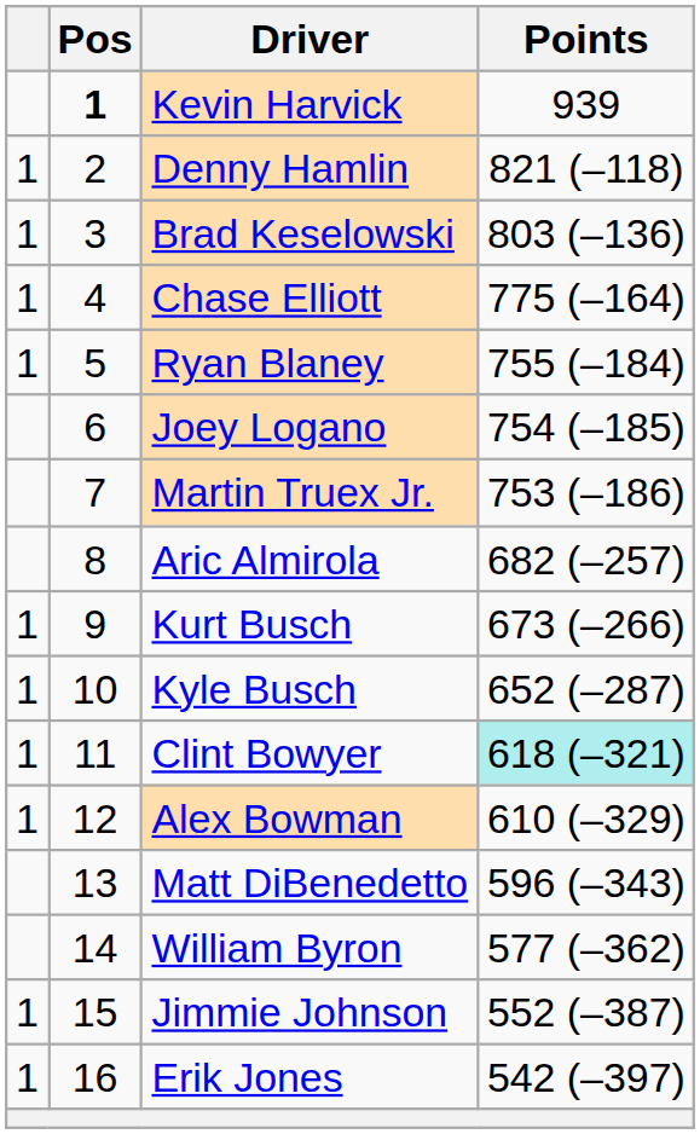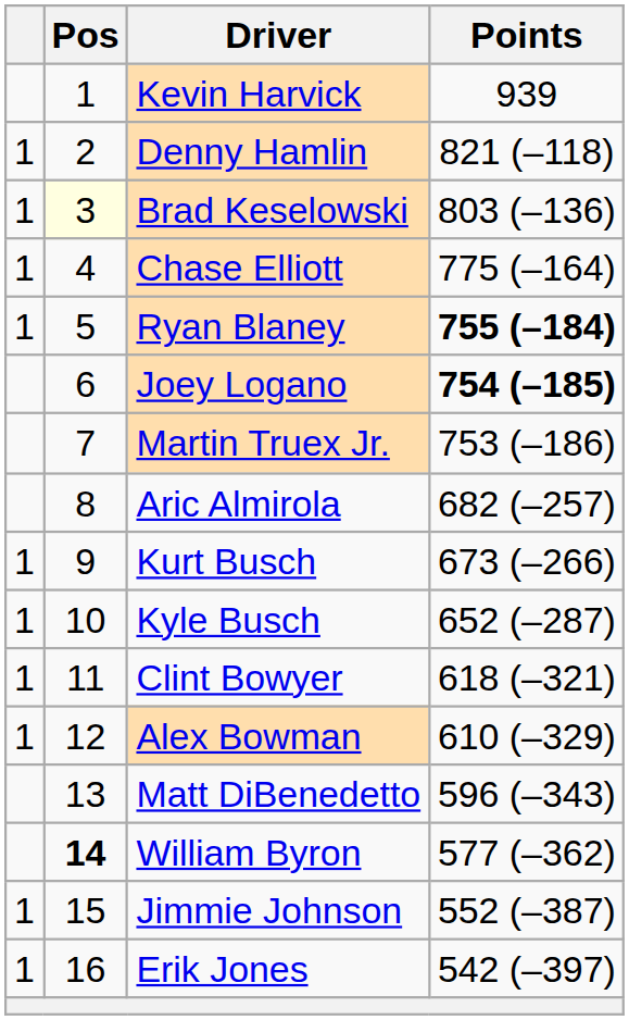 <table class="wikitable" style="font-size: 95%">
 <tr>
 <th></th>
 <th>Pos</th>
 <th>Driver</th>
 <th>Points</th>
 </tr>
 <tr>
 <td align="left"></td>
-<td style="text-align:center;"><strong>1</strong></td>
+<td style="text-align:center;">1</td>
 <td style="background:#FFDEAD;"><a href='#'>Kevin Harvick</a></td>
 <td style="text-align:center;">939</td>
 </tr>
 <tr>
 <td align="left"> 1</td>
 <td style="text-align:center;">2</td>
 <td style="background:#FFDEAD;"><a href='#'>Denny Hamlin</a></td>
 <td style="text-align:center;">821 (–118)</td>
 </tr>
 <tr>
 <td align="left"> 1</td>
-<td style="text-align:center;">3</td>
+<td style="background: lightyellow; text-align:center;">3</td>
 <td style="background:#FFDEAD;"><a href='#'>Brad Keselowski</a></td>
 <td style="text-align:center;">803 (–136)</td>
 </tr>
 <tr>
 <td align="left"> 1</td>
 <td style="text-align:center;">4</td>
 <td style="background:#FFDEAD;"><a href='#'>Chase Elliott</a></td>
 <td style="text-align:center;">775 (–164)</td>
 </tr>
 <tr>
 <td align="left"> 1</td>
 <td style="text-align:center;">5</td>
 <td style="background:#FFDEAD;"><a href='#'>Ryan Blaney</a></td>
-<td style="text-align:center;">755 (–184)</td>
+<td style="text-align:center;"><strong>755 (–184)</strong></td>
 </tr>
 <tr>
 <td align="left"></td>
 <td style="text-align:center;">6</td>
 <td style="background:#FFDEAD;"><a href='#'>Joey Logano</a></td>
-<td style="text-align:center;">754 (–185)</td>
+<td style="text-align:center;"><strong>754 (–185)</strong></td>
 </tr>
 <tr>
 <td align="left"></td>
 <td style="text-align:center;">7</td>
 <td style="background:#FFDEAD;"><a href='#'>Martin Truex Jr.</a></td>
 <td style="text-align:center;">753 (–186)</td>
 </tr>
 <tr>
 <td align="left"></td>
 <td style="text-align:center;">8</td>
 <td><a href='#'>Aric Almirola</a></td>
 <td style="text-align:center;">682 (–257)</td>
 </tr>
 <tr>
 <td align="left"> 1</td>
 <td style="text-align:center;">9</td>
 <td><a href='#'>Kurt Busch</a></td>
 <td style="text-align:center;">673 (–266)</td>
 </tr>
 <tr>
 <td align="left"> 1</td>
 <td style="text-align:center;">10</td>
 <td><a href='#'>Kyle Busch</a></td>
 <td style="text-align:center;">652 (–287)</td>
 </tr>
 <tr>
 <td align="left"> 1</td>
 <td style="text-align:center;">11</td>
 <td><a href='#'>Clint Bowyer</a></td>
-<td style="background: paleturquoise; text-align:center;">618 (–321)</td>
+<td style="text-align:center;">618 (–321)</td>
 </tr>
 <tr>
 <td align="left"> 1</td>
 <td style="text-align:center;">12</td>
 <td style="background:#FFDEAD;"><a href='#'>Alex Bowman</a></td>
 <td style="text-align:center;">610 (–329)</td>
 </tr>
 <tr>
 <td align="left"></td>
 <td style="text-align:center;">13</td>
 <td><a href='#'>Matt DiBenedetto</a></td>
 <td style="text-align:center;">596 (–343)</td>
 </tr>
 <tr>
 <td align="left"></td>
-<td style="text-align:center;">14</td>
+<td style="text-align:center;"><strong>14</strong></td>
 <td><a href='#'>William Byron</a></td>
 <td style="text-align:center;">577 (–362)</td>
 </tr>
 <tr>
 <td align="left"> 1</td>
 <td style="text-align:center;">15</td>
 <td><a href='#'>Jimmie Johnson</a></td>
 <td style="text-align:center;">552 (–387)</td>
 </tr>
 <tr>
 <td align="left"> 1</td>
 <td style="text-align:center;">16</td>
 <td><a href='#'>Erik Jones</a></td>
 <td style="text-align:center;">542 (–397)</td>
 </tr>
 <tr class="sortbottom">
 <th colspan="9"></th>
 </tr>
 </table>
